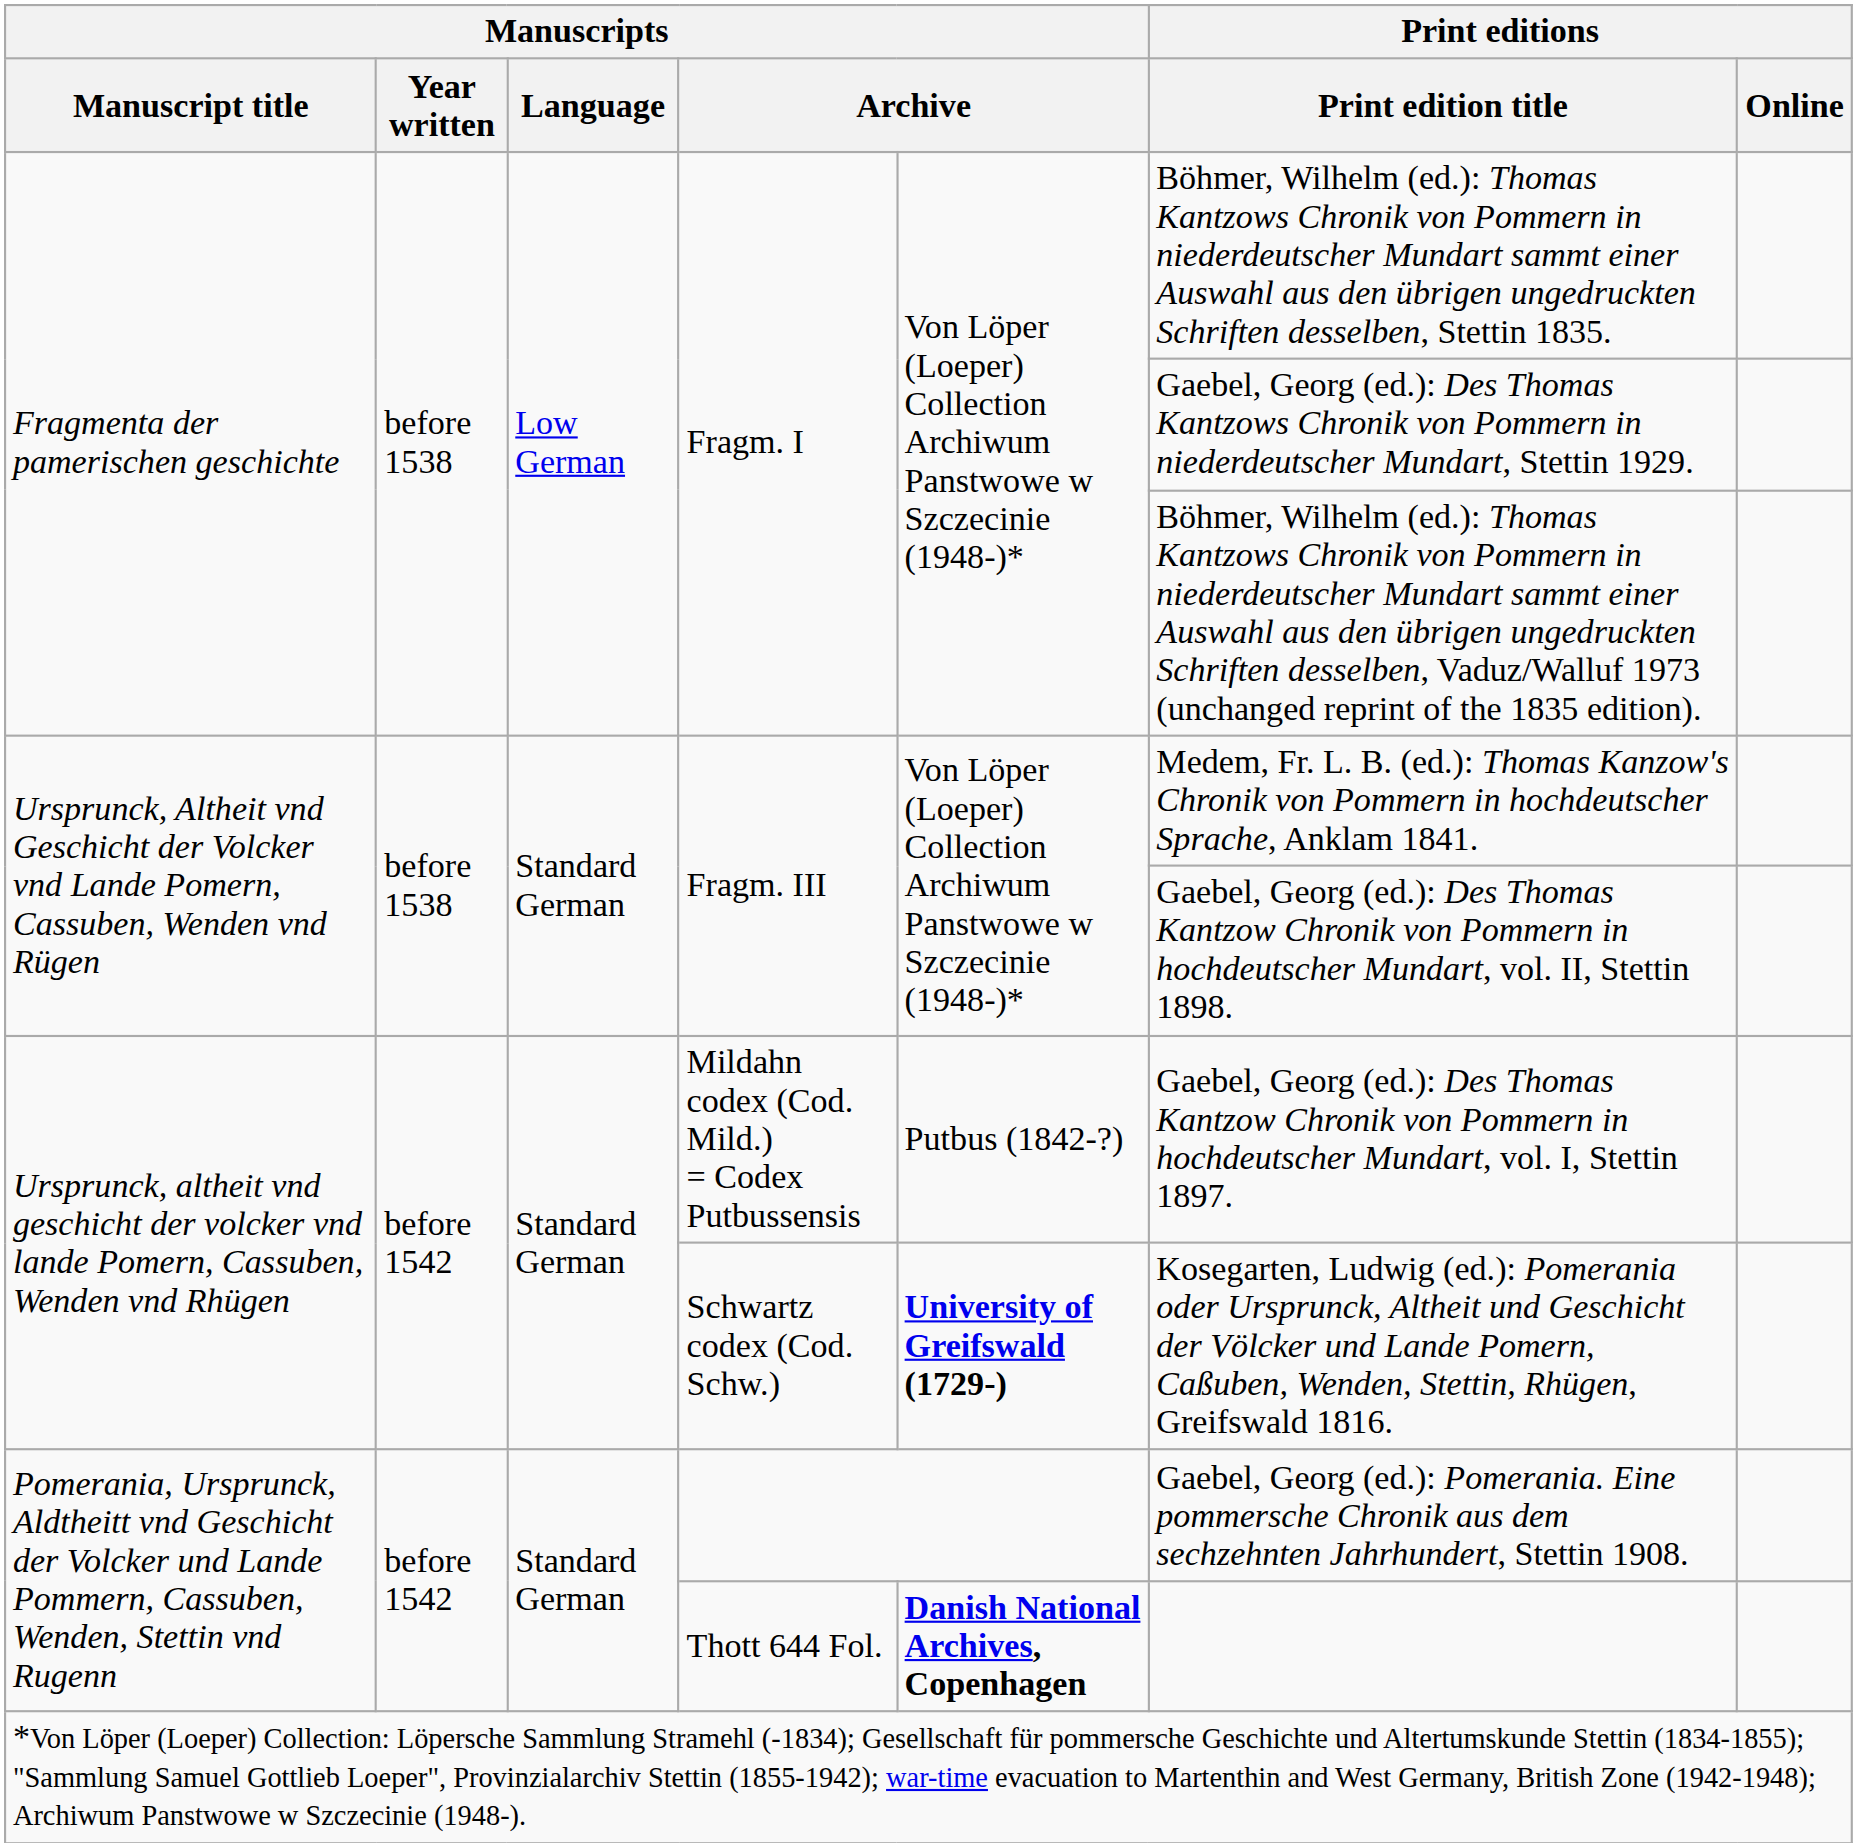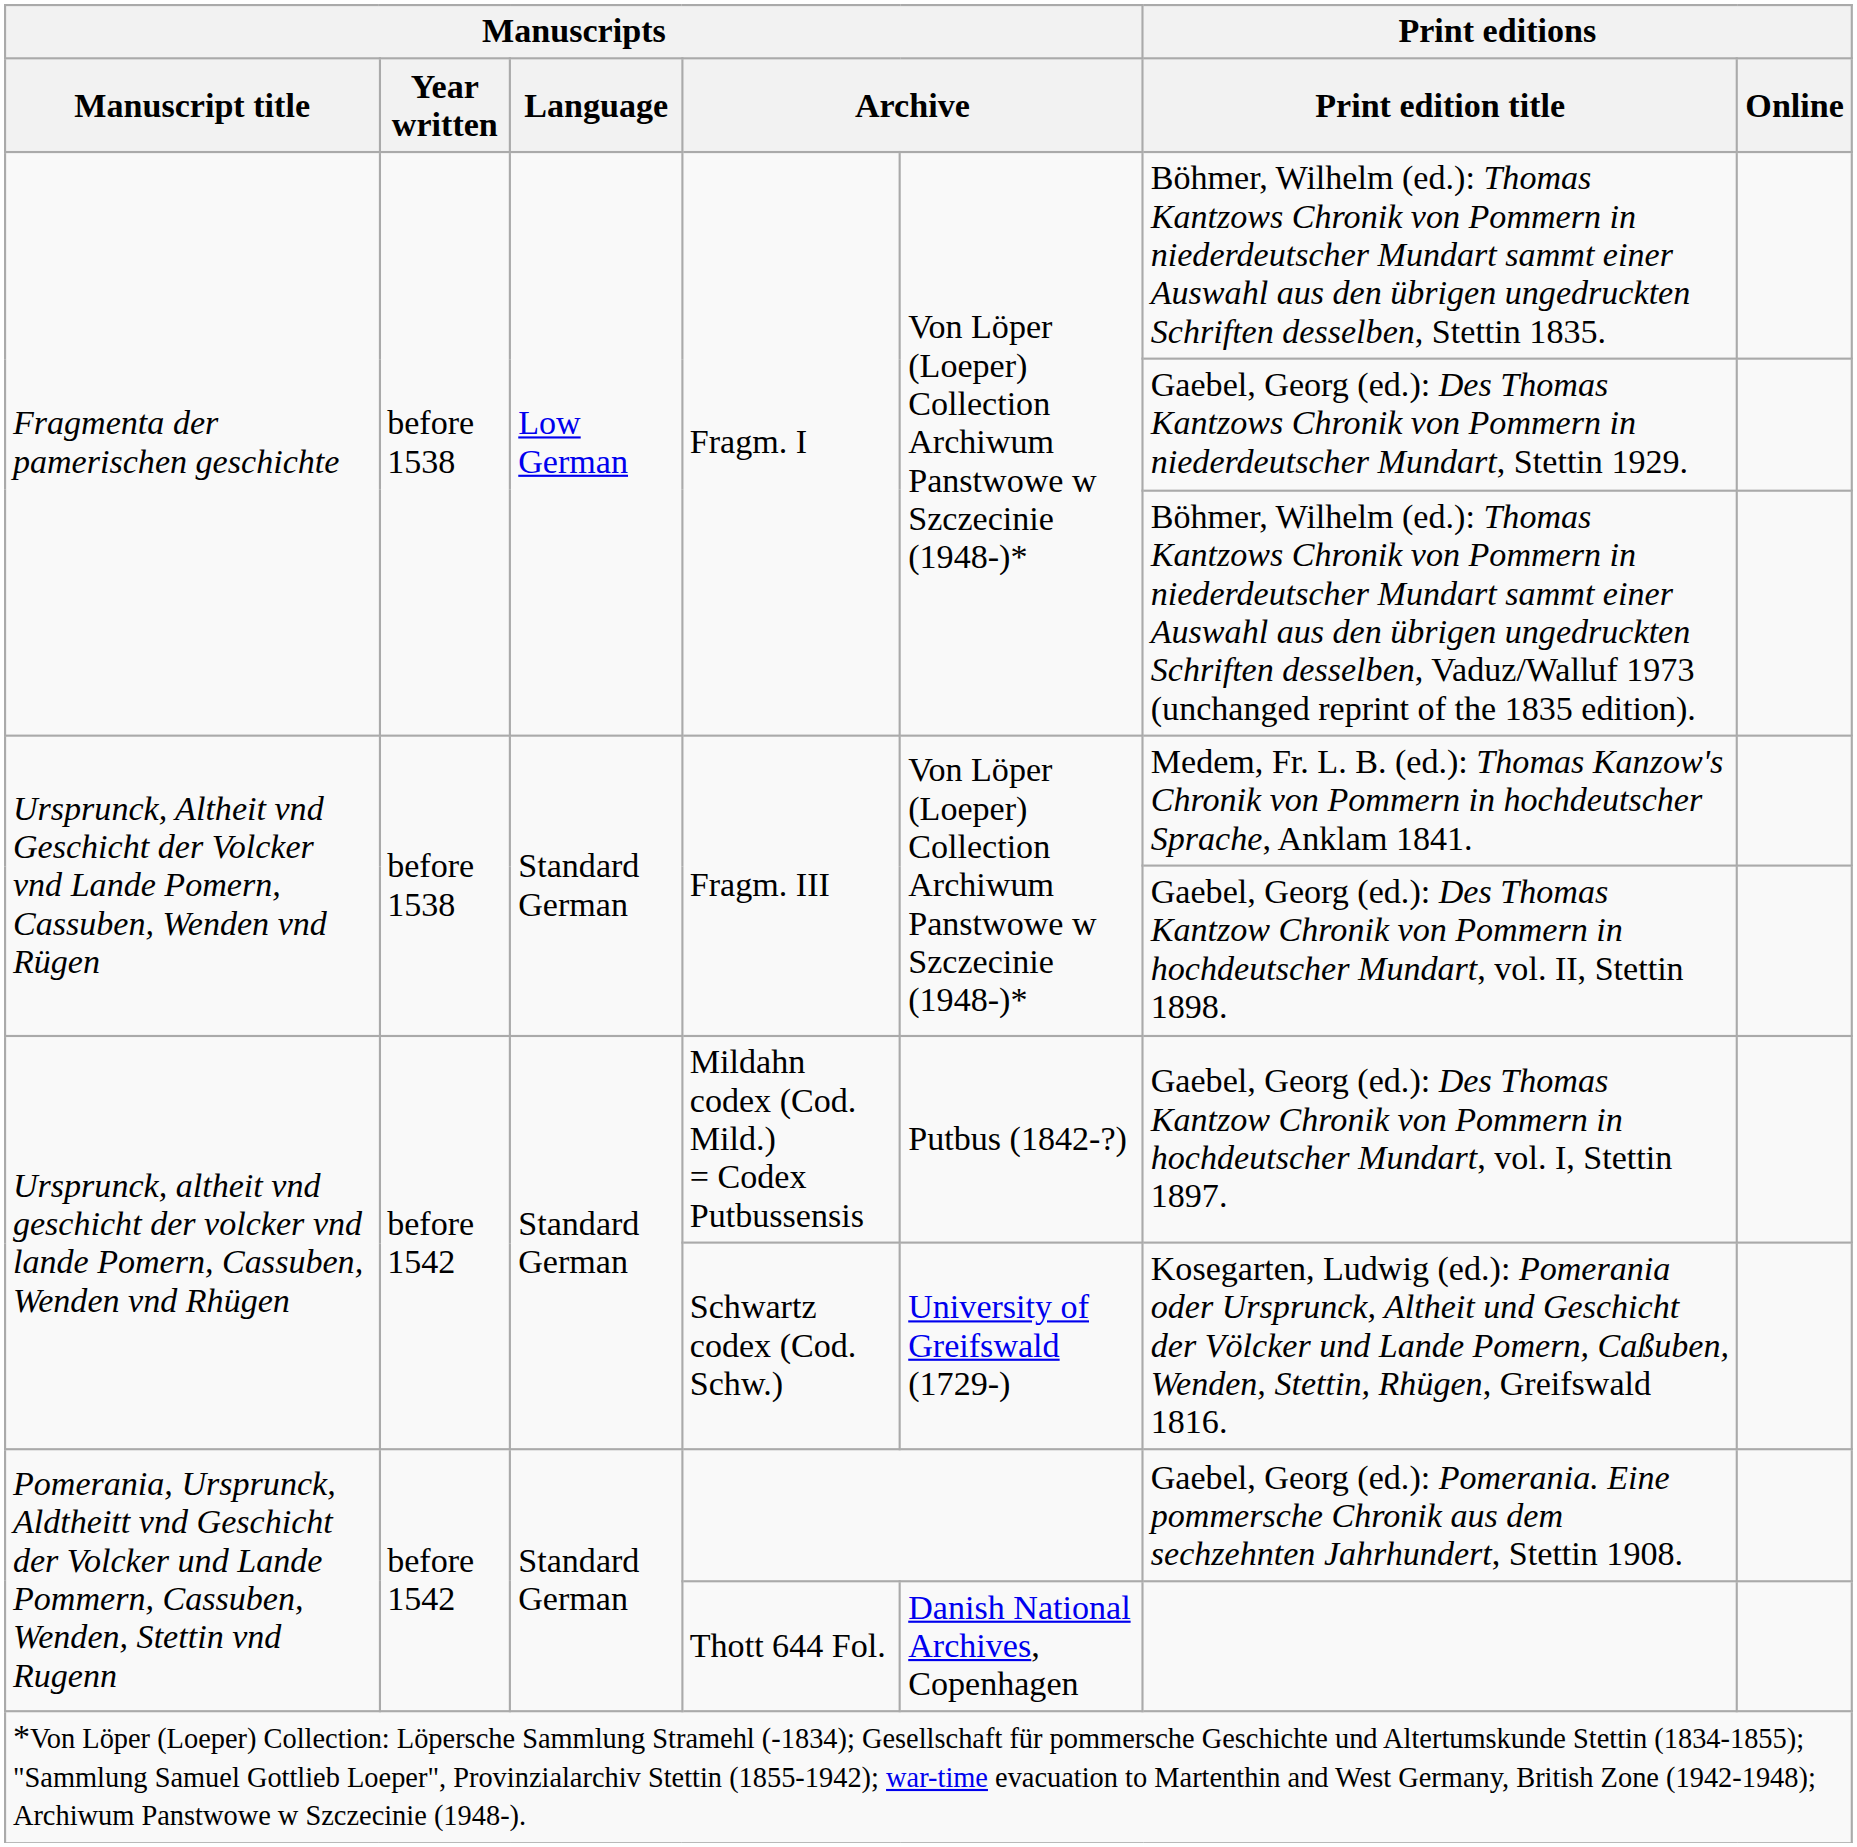 <table class="wikitable">
 <tr>
 <th colspan="5">Manuscripts</th>
 <th colspan="3">Print editions</th>
 </tr>
 <tr>
 <th>Manuscript title</th>
 <th>Year written</th>
 <th>Language</th>
 <th colspan="2">Archive</th>
 <th>Print edition title</th>
 <th>Online</th>
 </tr>
 <tr>
 <td rowspan="3"><em>Fragmenta der pamerischen geschichte</em></td>
 <td rowspan="3">before 1538</td>
 <td rowspan="3"><a href='#'>Low German</a></td>
 <td rowspan="3">Fragm. I</td>
 <td rowspan="3">Von Löper (Loeper) Collection<br>Archiwum Panstwowe w Szczecinie (1948-)*</td>
 <td>Böhmer, Wilhelm (ed.): <em>Thomas Kantzows Chronik von Pommern in niederdeutscher Mundart sammt einer Auswahl aus den übrigen ungedruckten Schriften desselben</em>, Stettin 1835.</td>
 <td></td>
 </tr>
 <tr>
 <td>Gaebel, Georg (ed.): <em>Des Thomas Kantzows Chronik von Pommern in niederdeutscher Mundart</em>, Stettin 1929.</td>
 <td></td>
 </tr>
 <tr>
 <td>Böhmer, Wilhelm (ed.): <em>Thomas Kantzows Chronik von Pommern in niederdeutscher Mundart sammt einer Auswahl aus den übrigen ungedruckten Schriften desselben</em>, Vaduz/Walluf 1973 (unchanged reprint of the 1835 edition).</td>
 <td></td>
 </tr>
 <tr>
 <td rowspan="2"><em>Ursprunck, Altheit vnd Geschicht der Volcker vnd Lande Pomern, Cassuben, Wenden vnd Rügen</em></td>
 <td rowspan="2">before 1538</td>
 <td rowspan="2">Standard German</td>
 <td rowspan="2">Fragm. III</td>
 <td rowspan="2">Von Löper (Loeper) Collection<br>Archiwum Panstwowe w Szczecinie (1948-)*</td>
 <td>Medem, Fr. L. B. (ed.): <em>Thomas Kanzow's Chronik von Pommern in hochdeutscher Sprache</em>, Anklam 1841.</td>
 <td></td>
 </tr>
 <tr>
 <td>Gaebel, Georg (ed.): <em>Des Thomas Kantzow Chronik von Pommern in hochdeutscher Mundart</em>, vol. II, Stettin 1898.</td>
 <td></td>
 </tr>
 <tr>
 <td rowspan="2"><em>Ursprunck, altheit vnd geschicht der volcker vnd lande Pomern, Cassuben, Wenden vnd Rhügen</em></td>
 <td rowspan="2">before 1542</td>
 <td rowspan="2">Standard German</td>
 <td>Mildahn codex (Cod. Mild.)<br>= Codex Putbussensis</td>
 <td>Putbus (1842-?)</td>
 <td>Gaebel, Georg (ed.): <em>Des Thomas Kantzow Chronik von Pommern in hochdeutscher Mundart</em>, vol. I, Stettin 1897.</td>
 <td></td>
 </tr>
 <tr>
 <td>Schwartz codex (Cod. Schw.)</td>
-<td><strong><a href='#'>University of Greifswald</a> (1729-)</strong></td>
+<td><a href='#'>University of Greifswald</a> (1729-)</td>
 <td>Kosegarten, Ludwig (ed.): <em>Pomerania oder Ursprunck, Altheit und Geschicht der Völcker und Lande Pomern, Caßuben, Wenden, Stettin, Rhügen</em>, Greifswald 1816.</td>
 <td><br></td>
 </tr>
 <tr>
 <td rowspan="2"><em>Pomerania, Ursprunck, Aldtheitt vnd Geschicht der Volcker und Lande Pommern, Cassuben, Wenden, Stettin vnd Rugenn</em></td>
 <td rowspan="2">before 1542</td>
 <td rowspan="2">Standard German</td>
 <td colspan="2"></td>
 <td>Gaebel, Georg (ed.): <em>Pomerania. Eine pommersche Chronik aus dem sechzehnten Jahrhundert</em>, Stettin 1908.</td>
 <td></td>
 </tr>
 <tr>
 <td>Thott 644 Fol.</td>
-<td><strong><a href='#'>Danish National Archives</a>, Copenhagen</strong></td>
+<td><a href='#'>Danish National Archives</a>, Copenhagen</td>
 <td></td>
 <td></td>
 </tr>
 <tr>
 <td colspan="7">*<small>Von Löper (Loeper) Collection: Löpersche Sammlung Stramehl (-1834); Gesellschaft für pommersche Geschichte und Altertumskunde Stettin (1834-1855); "Sammlung Samuel Gottlieb Loeper", Provinzialarchiv Stettin (1855-1942); <a href='#'>war-time</a> evacuation to Martenthin and West Germany, British Zone (1942-1948); Archiwum Panstwowe w Szczecinie (1948-).</small></td>
 </tr>
 </table>
